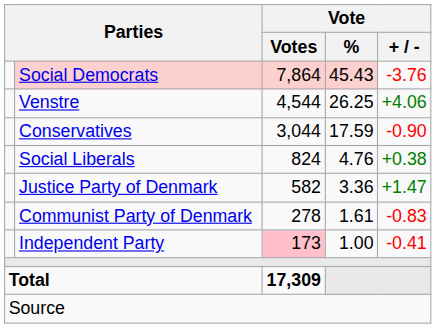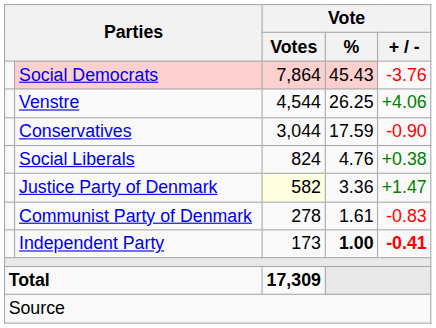 <table class="wikitable" style="text-align:right;">
 <tr>
 <th style="text-align:centre;" rowspan="2" colspan="2" width="225">Parties</th>
 <th colspan="3">Vote</th>
 </tr>
 <tr>
 <th width="15">Votes</th>
 <th width="15">%</th>
 <th width="15">+ / -</th>
 </tr>
 <tr>
 <td width="2" style="color:inherit;background:"></td>
 <td bgcolor=#fbd0ce  align="left"><a href='#'>Social Democrats</a></td>
 <td bgcolor=#fbd0ce>7,864</td>
 <td bgcolor=#fbd0ce>45.43</td>
 <td style=color:red;>-3.76</td>
 </tr>
 <tr>
 <td width="2" style="color:inherit;background:"></td>
 <td align="left"><a href='#'>Venstre</a></td>
 <td>4,544</td>
 <td>26.25</td>
 <td style=color:green;>+4.06</td>
 </tr>
 <tr>
 <td width="2" style="color:inherit;background:"></td>
 <td align="left"><a href='#'>Conservatives</a></td>
 <td>3,044</td>
 <td>17.59</td>
 <td style=color:red;>-0.90</td>
 </tr>
 <tr>
 <td width="2" style="color:inherit;background:"></td>
 <td align="left"><a href='#'>Social Liberals</a></td>
 <td>824</td>
 <td>4.76</td>
 <td style=color:green;>+0.38</td>
 </tr>
 <tr>
 <td width="2" style="color:inherit;background:"></td>
 <td align="left"><a href='#'>Justice Party of Denmark</a></td>
-<td>582</td>
+<td style="background: lightyellow;">582</td>
 <td>3.36</td>
 <td style=color:green;>+1.47</td>
 </tr>
 <tr>
 <td width="2" style="color:inherit;background:"></td>
 <td align="left"><a href='#'>Communist Party of Denmark</a></td>
 <td>278</td>
 <td>1.61</td>
 <td style=color:red;>-0.83</td>
 </tr>
 <tr>
 <td width="2" style="color:inherit;background:"></td>
 <td align="left"><a href='#'>Independent Party</a></td>
-<td style="background: pink;">173</td>
-<td>1.00</td>
-<td style=color:red;>-0.41</td>
+<td>173</td>
+<td><strong>1.00</strong></td>
+<td style=color:red;><strong>-0.41</strong></td>
 </tr>
 <tr>
 <td colspan="7" bgcolor="#E9E9E9"></td>
 </tr>
 <tr>
 <td align="left" colspan="2"><strong>Total</strong></td>
 <td><strong>17,309</strong></td>
 <td bgcolor="#E9E9E9" colspan="2"></td>
 </tr>
 <tr>
 <td align="left" colspan="6">Source</td>
 </tr>
 </table>
